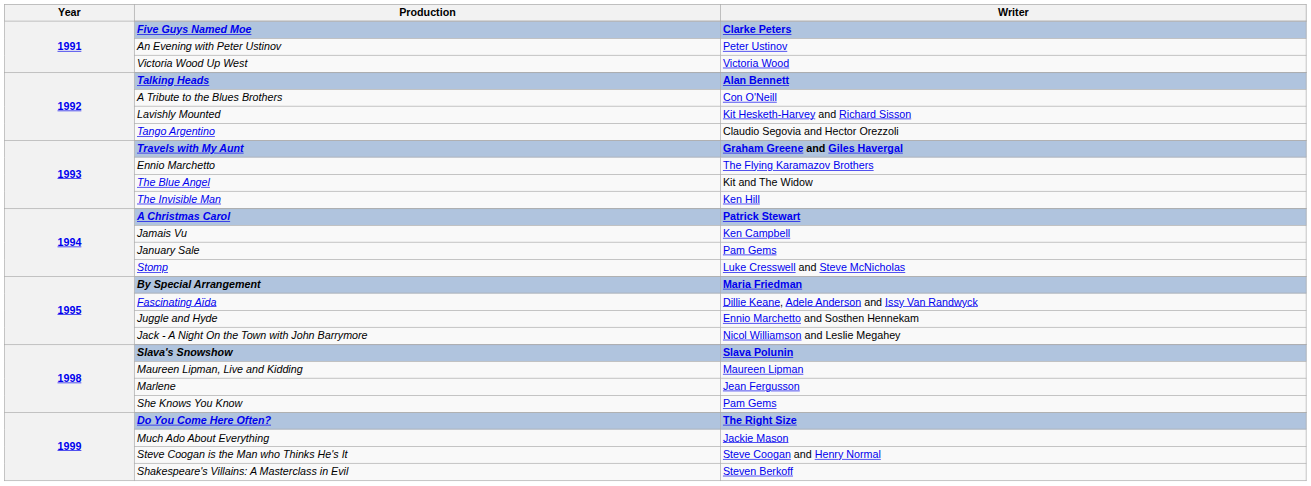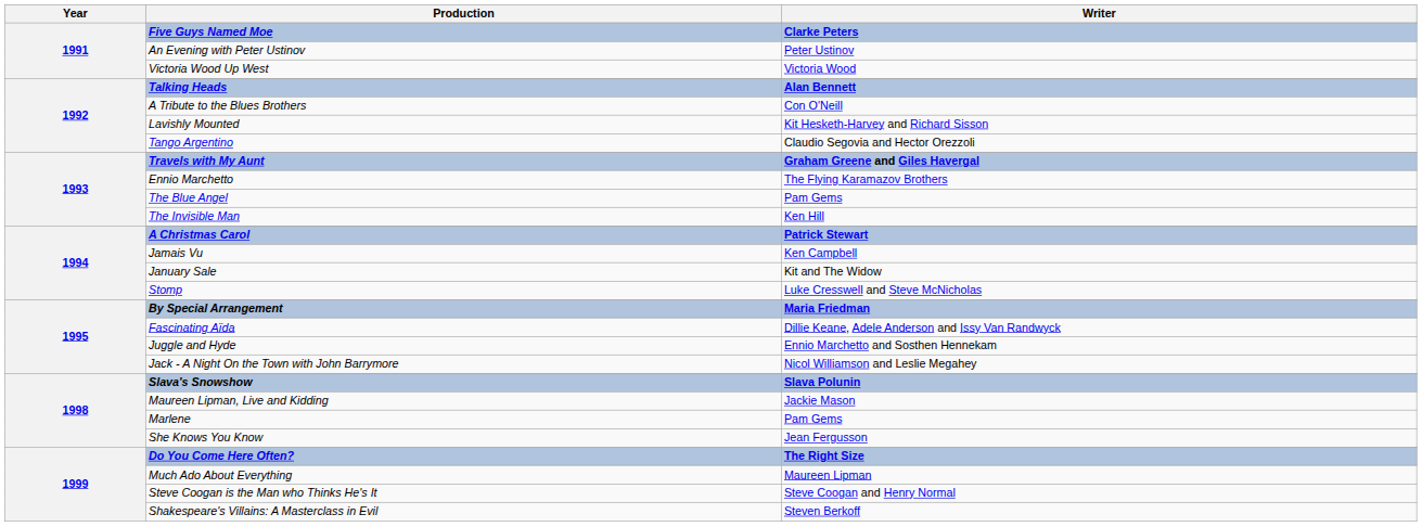 <table class="wikitable" style="width:98%;">
 <tr style="background:#bebebe;">
 <th style="width:10%;">Year</th>
 <th style="width:45%;">Production</th>
 <th style="width:45%;">Writer</th>
 </tr>
 <tr>
 <th rowspan="4" align="center"><a href='#'>1991</a></th>
 </tr>
 <tr style="background:#B0C4DE">
 <td><strong><em><a href='#'>Five Guys Named Moe</a></em></strong></td>
 <td><strong><a href='#'>Clarke Peters</a></strong></td>
 </tr>
 <tr>
 <td><em>An Evening with Peter Ustinov</em></td>
 <td><a href='#'>Peter Ustinov</a></td>
 </tr>
 <tr>
 <td><em>Victoria Wood Up West</em></td>
 <td><a href='#'>Victoria Wood</a></td>
 </tr>
 <tr>
 <th rowspan="5" align="center"><a href='#'>1992</a></th>
 </tr>
 <tr style="background:#B0C4DE">
 <td><strong><em><a href='#'>Talking Heads</a></em></strong></td>
 <td><strong><a href='#'>Alan Bennett</a></strong></td>
 </tr>
 <tr>
 <td><em>A Tribute to the Blues Brothers</em></td>
 <td><a href='#'>Con O'Neill</a></td>
 </tr>
 <tr>
 <td><em>Lavishly Mounted</em></td>
 <td><a href='#'>Kit Hesketh-Harvey</a> and <a href='#'>Richard Sisson</a></td>
 </tr>
 <tr>
 <td><em><a href='#'>Tango Argentino</a></em></td>
 <td>Claudio Segovia and Hector Orezzoli</td>
 </tr>
 <tr>
 <th rowspan="5" align="center"><a href='#'>1993</a></th>
 </tr>
 <tr style="background:#B0C4DE">
 <td><strong><em><a href='#'>Travels with My Aunt</a></em></strong></td>
 <td><strong><a href='#'>Graham Greene</a> and <a href='#'>Giles Havergal</a></strong></td>
 </tr>
 <tr>
 <td><em>Ennio Marchetto</em></td>
 <td><a href='#'>The Flying Karamazov Brothers</a></td>
 </tr>
 <tr>
 <td><em><a href='#'>The Blue Angel</a></em></td>
-<td>Kit and The Widow</td>
+<td><a href='#'>Pam Gems</a></td>
 </tr>
 <tr>
 <td><em><a href='#'>The Invisible Man</a></em></td>
 <td><a href='#'>Ken Hill</a></td>
 </tr>
 <tr>
 <th rowspan="5" align="center"><a href='#'>1994</a></th>
 </tr>
 <tr style="background:#B0C4DE">
 <td><strong><em><a href='#'>A Christmas Carol</a></em></strong></td>
 <td><strong><a href='#'>Patrick Stewart</a></strong></td>
 </tr>
 <tr>
 <td><em>Jamais Vu</em></td>
 <td><a href='#'>Ken Campbell</a></td>
 </tr>
 <tr>
 <td><em>January Sale</em></td>
-<td><a href='#'>Pam Gems</a></td>
+<td>Kit and The Widow</td>
 </tr>
 <tr>
 <td><em><a href='#'>Stomp</a></em></td>
 <td><a href='#'>Luke Cresswell</a> and <a href='#'>Steve McNicholas</a></td>
 </tr>
 <tr>
 <th rowspan="5" align="center"><a href='#'>1995</a></th>
 </tr>
 <tr style="background:#B0C4DE">
 <td><strong><em>By Special Arrangement</em></strong></td>
 <td><strong><a href='#'>Maria Friedman</a></strong></td>
 </tr>
 <tr>
 <td><em><a href='#'>Fascinating Aïda</a></em></td>
 <td><a href='#'>Dillie Keane</a>, <a href='#'>Adele Anderson</a> and <a href='#'>Issy Van Randwyck</a></td>
 </tr>
 <tr>
 <td><em>Juggle and Hyde</em></td>
 <td><a href='#'>Ennio Marchetto</a> and Sosthen Hennekam</td>
 </tr>
 <tr>
 <td><em>Jack - A Night On the Town with John Barrymore</em></td>
 <td><a href='#'>Nicol Williamson</a> and Leslie Megahey</td>
 </tr>
 <tr>
 <th rowspan="5" align="center"><a href='#'>1998</a></th>
 </tr>
 <tr style="background:#B0C4DE">
 <td><strong><em>Slava's Snowshow</em></strong></td>
 <td><strong><a href='#'>Slava Polunin</a></strong></td>
 </tr>
 <tr>
 <td><em>Maureen Lipman, Live and Kidding</em></td>
-<td><a href='#'>Maureen Lipman</a></td>
+<td><a href='#'>Jackie Mason</a></td>
 </tr>
 <tr>
 <td><em>Marlene</em></td>
-<td><a href='#'>Jean Fergusson</a></td>
+<td><a href='#'>Pam Gems</a></td>
 </tr>
 <tr>
 <td><em>She Knows You Know</em></td>
-<td><a href='#'>Pam Gems</a></td>
+<td><a href='#'>Jean Fergusson</a></td>
 </tr>
 <tr>
 <th rowspan="5" align="center"><a href='#'>1999</a></th>
 </tr>
 <tr style="background:#B0C4DE">
 <td><strong><em><a href='#'>Do You Come Here Often?</a></em></strong></td>
 <td><strong><a href='#'>The Right Size</a></strong></td>
 </tr>
 <tr>
 <td><em>Much Ado About Everything</em></td>
-<td><a href='#'>Jackie Mason</a></td>
+<td><a href='#'>Maureen Lipman</a></td>
 </tr>
 <tr>
 <td><em>Steve Coogan is the Man who Thinks He's It</em></td>
 <td><a href='#'>Steve Coogan</a> and <a href='#'>Henry Normal</a></td>
 </tr>
 <tr>
 <td><em>Shakespeare's Villains: A Masterclass in Evil</em></td>
 <td><a href='#'>Steven Berkoff</a></td>
 </tr>
 </table>
